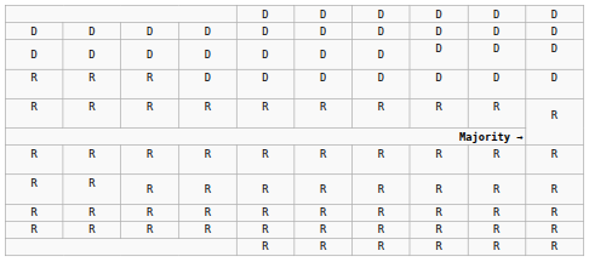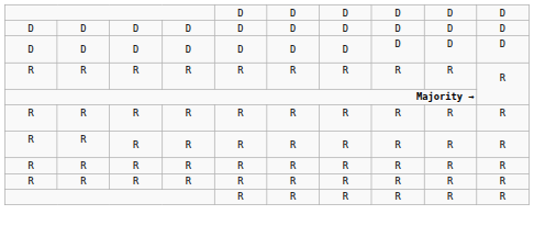 <table class="wikitable" style="text-align:center">
 <tr>
 <td colspan=4></td>
 <td>D</td>
 <td>D</td>
 <td>D</td>
 <td>D</td>
 <td>D</td>
 <td>D</td>
 </tr>
 <tr>
 <td width=65px >D</td>
 <td width=65px >D</td>
 <td width=65px >D</td>
 <td width=65px >D</td>
 <td width=65px >D</td>
 <td width=65px >D</td>
 <td width=65px >D</td>
 <td width=65px >D</td>
 <td width=65px >D</td>
 <td width=65px >D</td>
 </tr>
 <tr>
 <td>D</td>
 <td>D</td>
 <td>D</td>
 <td>D</td>
 <td>D</td>
 <td>D</td>
 <td>D</td>
-<td>D<br><br></td>
-<td>D<br><br></td>
-<td>D<br><br></td>
-</tr>
-<tr>
-<td>R<br><br></td>
-<td>R<br><br></td>
-<td>R<br><br></td>
-<td>D<br><br></td>
-<td>D<br><br></td>
-<td>D<br><br></td>
-<td>D<br><br></td>
 <td>D<br><br></td>
 <td>D<br><br></td>
 <td>D<br><br></td>
 </tr>
 <tr>
 <td>R<br><br></td>
 <td>R<br><br></td>
 <td>R<br><br></td>
 <td>R<br><br></td>
 <td>R<br><br></td>
 <td>R<br><br></td>
 <td>R<br><br></td>
 <td>R<br><br></td>
 <td>R<br><br></td>
 <td rowspan=2 >R<br><br></td>
 </tr>
 <tr style="height:1em">
 <td colspan=9 align=right><strong>Majority →</strong></td>
 </tr>
 <tr style="height:1em">
 <td>R<br><br></td>
 <td>R<br><br></td>
 <td>R<br><br></td>
 <td>R<br><br></td>
 <td>R<br><br></td>
 <td>R<br><br></td>
 <td>R<br><br></td>
 <td>R<br><br></td>
 <td>R<br><br></td>
 <td>R<br><br></td>
 </tr>
 <tr>
 <td>R<br><br></td>
 <td>R<br><br></td>
 <td>R</td>
 <td>R</td>
 <td>R</td>
 <td>R</td>
 <td>R</td>
 <td>R</td>
 <td>R</td>
 <td>R</td>
 </tr>
 <tr>
 <td>R</td>
 <td>R</td>
 <td>R</td>
 <td>R</td>
 <td>R</td>
 <td>R</td>
 <td>R</td>
 <td>R</td>
 <td>R</td>
 <td>R</td>
 </tr>
 <tr>
 <td>R</td>
 <td>R</td>
 <td>R</td>
 <td>R</td>
 <td>R</td>
 <td>R</td>
 <td>R</td>
 <td>R</td>
 <td>R</td>
 <td>R</td>
 </tr>
 <tr>
 <td colspan=4></td>
 <td>R</td>
 <td>R</td>
 <td>R</td>
 <td>R</td>
 <td>R</td>
 <td>R</td>
 </tr>
 </table>
